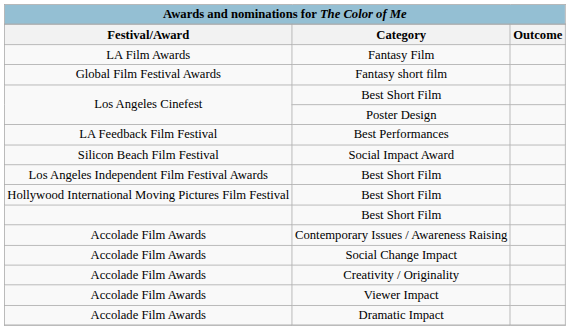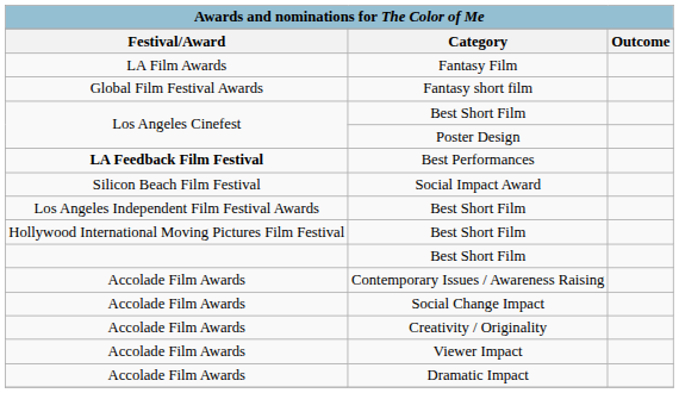 <table class="wikitable" style="text-align: center">
 <tr style="background:#94bfd3;">
 <td colspan="5" style="text-align:center;"><strong>Awards and nominations for <em>The Color of Me<strong><em></td>
 </tr>
 <tr>
 </tr>
 <tr style="text-align:centr;">
 <th>Festival/Award</th>
 <th>Category</th>
 <th>Outcome</th>
 </tr>
 <tr>
 <td>LA Film Awards</td>
 <td>Fantasy Film</td>
 <td></td>
 </tr>
 <tr>
 <td>Global Film Festival Awards</td>
 <td>Fantasy short film</td>
 <td></td>
 </tr>
 <tr>
 <td rowspan="2">Los Angeles Cinefest</td>
 <td>Best Short Film</td>
 <td></td>
 </tr>
 <tr>
 <td>Poster Design</td>
 <td></td>
 </tr>
 <tr>
-<td>LA Feedback Film Festival</td>
+<td><strong>LA Feedback Film Festival</strong></td>
 <td>Best Performances</td>
 <td></td>
 </tr>
 <tr>
 <td>Silicon Beach Film Festival</td>
 <td>Social Impact Award</td>
 <td></td>
 </tr>
 <tr>
 <td>Los Angeles Independent Film Festival Awards</td>
 <td>Best Short Film</td>
 <td></td>
 </tr>
 <tr>
 <td>Hollywood International Moving Pictures Film Festival</td>
 <td>Best Short Film</td>
 <td></td>
 </tr>
 <tr>
 <td></td>
 <td>Best Short Film</td>
 <td></td>
 </tr>
 <tr>
 <td>Accolade Film Awards </td>
 <td>Contemporary Issues / Awareness Raising</td>
 <td></td>
 </tr>
 <tr>
 <td>Accolade Film Awards</td>
 <td>Social Change Impact</td>
 <td></td>
 </tr>
 <tr>
 <td>Accolade Film Awards</td>
 <td>Creativity / Originality</td>
 <td></td>
 </tr>
 <tr>
 <td>Accolade Film Awards</td>
 <td>Viewer Impact</td>
 <td></td>
 </tr>
 <tr>
 <td>Accolade Film Awards</td>
 <td>Dramatic Impact</td>
 <td></td>
 </tr>
 <tr>
 </tr>
 </table>
